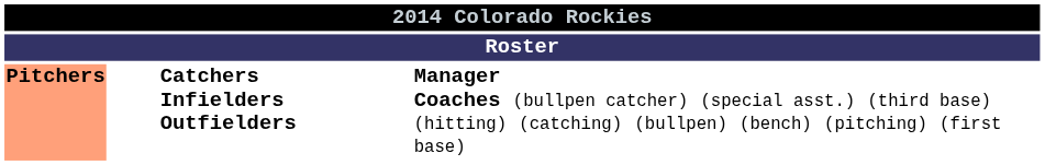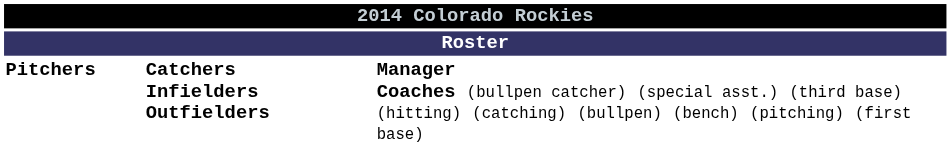 <table class="toccolours" style="font-size: 95%;">
 <tr>
 <th colspan="10" style="background-color: #000000; color: #C4CED4; text-align: center;">2014 Colorado Rockies</th>
 </tr>
 <tr>
 <td colspan="10" style="background-color: #333366; color: #FFFFFF; text-align: center;"><strong>Roster</strong></td>
 </tr>
 <tr>
-<td valign="top" style="background: lightsalmon;"><strong>Pitchers</strong><br>                           </td>
+<td valign="top"><strong>Pitchers</strong><br>                           </td>
 <td width="25px"></td>
 <td valign="top"><strong>Catchers</strong><br>    <strong>Infielders</strong>           <strong>Outfielders</strong>         </td>
 <td width="25px"></td>
 <td valign="top"><strong>Manager</strong><br> <strong>Coaches</strong>  <small>(bullpen catcher)</small>  <small>(special asst.)</small>  <small>(third base)</small>  <small>(hitting)</small>  <small>(catching)</small>  <small>(bullpen)</small>  <small>(bench)</small>   <small>(pitching)</small>  <small>(first base)</small></td>
 </tr>
 <tr>
 </tr>
 </table>
